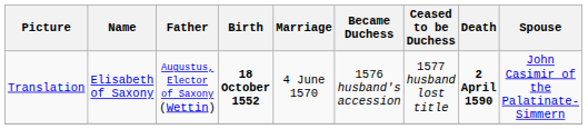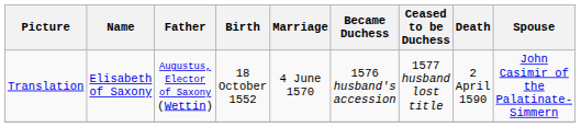 <table width=95% class="wikitable">
 <tr>
 <th width = "8%">Picture</th>
 <th width = "10%">Name</th>
 <th width = "9%">Father</th>
 <th width = "10%">Birth</th>
 <th width = "9%">Marriage</th>
 <th width = "9%">Became Duchess</th>
 <th width = "9%">Ceased to be Duchess</th>
 <th width = "9%">Death</th>
 <th width = "6%">Spouse</th>
 </tr>
 <tr>
 <td align="center"><a href='#'>Translation</a></td>
 <td align="center"><a href='#'>Elisabeth of Saxony</a></td>
 <td align="center"><small><a href='#'>Augustus, Elector of Saxony</a></small><br>(<a href='#'>Wettin</a>)</td>
-<td align="center"><strong>18 October 1552</strong></td>
+<td align="center">18 October 1552</td>
 <td align="center">4 June 1570</td>
 <td align="center">1576<br><em>husband's accession</em></td>
 <td align="center">1577<br><em>husband lost title</em></td>
-<td align="center"><strong>2 April 1590</strong></td>
+<td align="center">2 April 1590</td>
 <td align="center"><a href='#'>John Casimir of the Palatinate-Simmern</a></td>
 </tr>
 <tr>
 </tr>
 </table>
